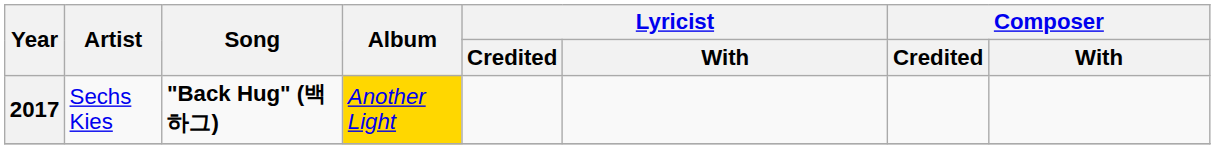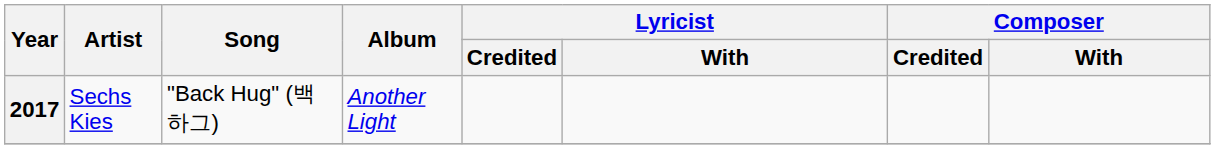 <table class="wikitable sortable plainrowheaders">
 <tr>
 <th rowspan="2" style="width:2em;">Year</th>
 <th rowspan="2" style="width:4em;">Artist</th>
 <th rowspan="2" style="width:8em;">Song</th>
 <th rowspan="2" style="width:5em;">Album</th>
 <th colspan="2"><a href='#'>Lyricist</a></th>
 <th colspan="2"><a href='#'>Composer</a></th>
 </tr>
 <tr>
 <th>Credited</th>
 <th style="width:15em;">With</th>
 <th>Credited</th>
 <th style="width:10em;">With</th>
 </tr>
 <tr>
 <th scope="row">2017</th>
 <td><a href='#'>Sechs Kies</a></td>
-<td><strong>"Back Hug" (백하그)</strong></td>
-<td style="background: gold;"><em><a href='#'>Another Light</a></em></td>
+<td>"Back Hug" (백하그)</td>
+<td><em><a href='#'>Another Light</a></em></td>
 <td></td>
 <td style="text-align:center"></td>
 <td></td>
 <td></td>
 </tr>
 <tr>
 </tr>
 </table>
